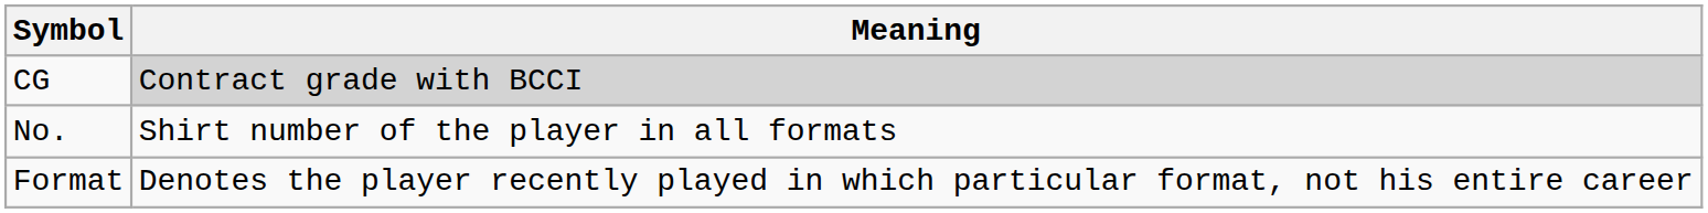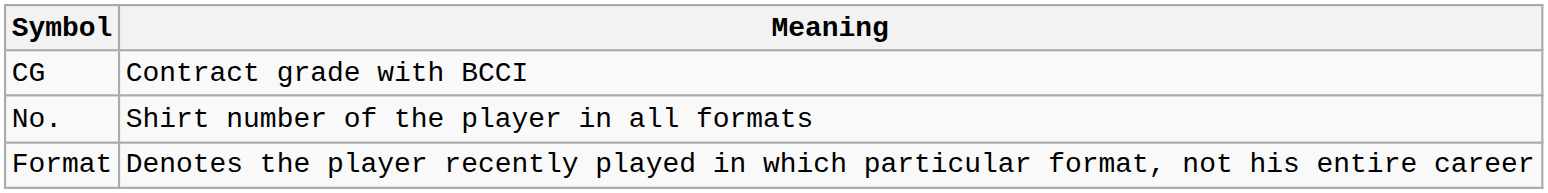 <table class="wikitable">
 <tr>
 <th>Symbol</th>
 <th>Meaning</th>
 </tr>
 <tr>
 <td>CG</td>
-<td style="background: lightgrey;">Contract grade with BCCI</td>
+<td>Contract grade with BCCI</td>
 </tr>
 <tr>
 <td>No.</td>
 <td>Shirt number of the player in all formats</td>
 </tr>
 <tr>
 <td>Format</td>
 <td>Denotes the player recently played in which particular format, not his entire career</td>
 </tr>
 </table>
